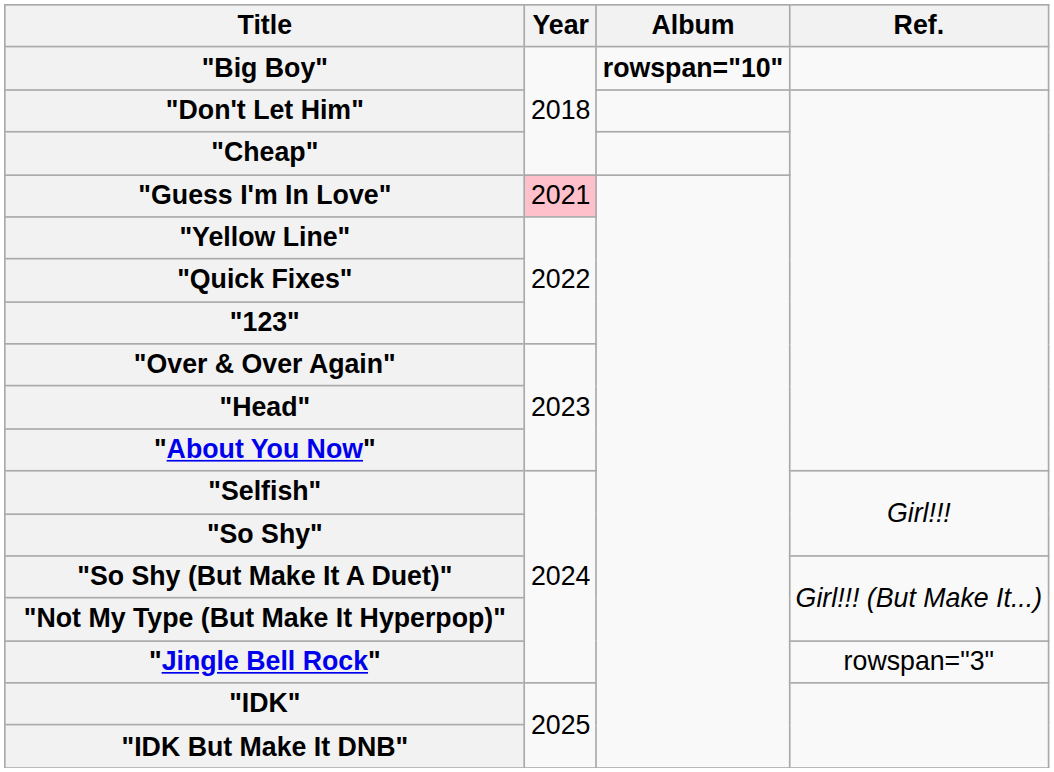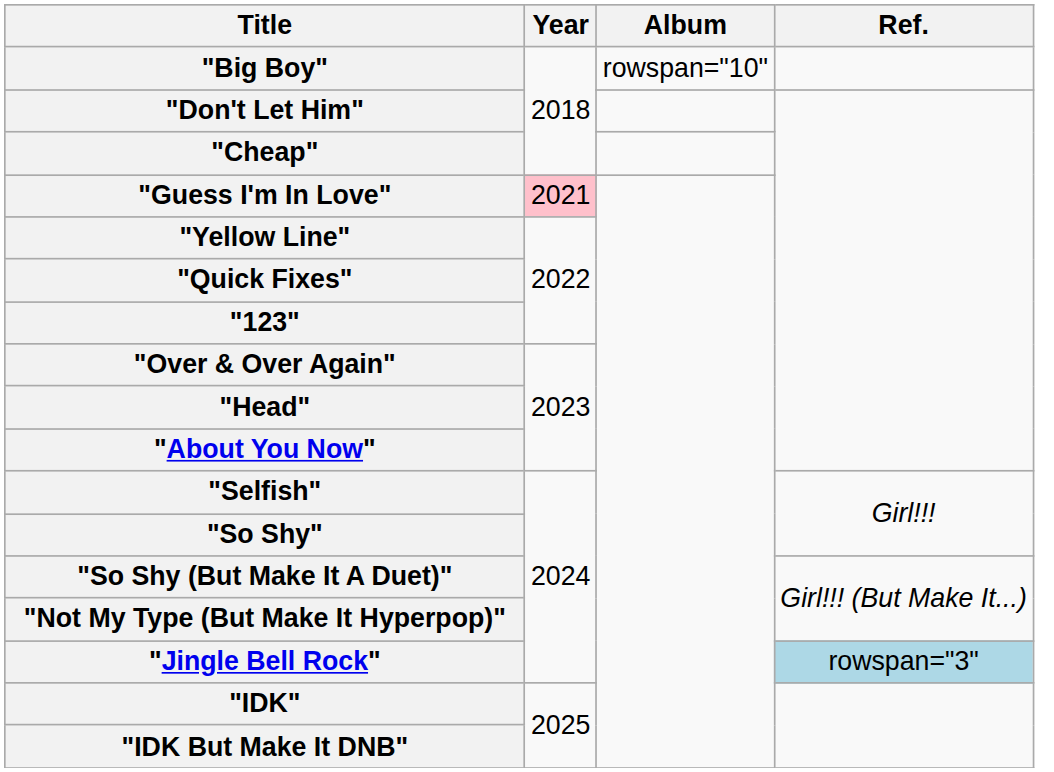 <table class="wikitable plainrowheaders" style="text-align:center;">
 <tr>
 <th scope="col" style="width:19em;">Title</th>
 <th scope="col" style="width:1em;">Year</th>
 <th>Album</th>
 <th>Ref.</th>
 </tr>
 <tr>
 <th scope="row">"Big Boy"<br></th>
 <td rowspan="3">2018</td>
-<td><strong>rowspan="10" </strong></td>
+<td>rowspan="10" </td>
 <td></td>
 </tr>
 <tr>
 <th scope="row">"Don't Let Him"<br></th>
 <td></td>
 </tr>
 <tr>
 <th scope="row">"Cheap"<br></th>
 <td></td>
 </tr>
 <tr>
 <th scope="row">"Guess I'm In Love"<br></th>
 <td style="background: pink;">2021</td>
 <td rowspan="14"></td>
 </tr>
 <tr>
 <th scope="row">"Yellow Line"<br></th>
 <td rowspan="3">2022</td>
 </tr>
 <tr>
 <th scope="row">"Quick Fixes"<br></th>
 </tr>
 <tr>
 <th scope="row">"123"<br></th>
 </tr>
 <tr>
 <th scope="row">"Over & Over Again"<br></th>
 <td rowspan="3">2023</td>
 </tr>
 <tr>
 <th scope="row">"Head"<br></th>
 </tr>
 <tr>
 <th scope="row">"<a href='#'>About You Now</a>"<br></th>
 </tr>
 <tr>
 <th scope="row">"Selfish"<br></th>
 <td rowspan="5">2024</td>
 <td rowspan="2"><em>Girl!!!</em></td>
 </tr>
 <tr>
 <th scope="row">"So Shy"<br></th>
 </tr>
 <tr>
 <th scope="row">"So Shy (But Make It A Duet)"<br></th>
 <td rowspan="2"><em>Girl!!! (But Make It...)</em></td>
 </tr>
 <tr>
 <th scope="row">"Not My Type (But Make It Hyperpop)"<br></th>
 </tr>
 <tr>
 <th scope="row">"<a href='#'>Jingle Bell Rock</a>"<br></th>
-<td>rowspan="3" </td>
+<td style="background: lightblue;">rowspan="3" </td>
 </tr>
 <tr>
 <th scope="row">"IDK"<br></th>
 <td rowspan="2">2025</td>
 </tr>
 <tr>
 <th scope="row">"IDK But Make It DNB"<br></th>
 </tr>
 </table>
